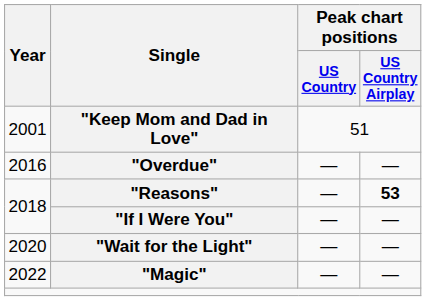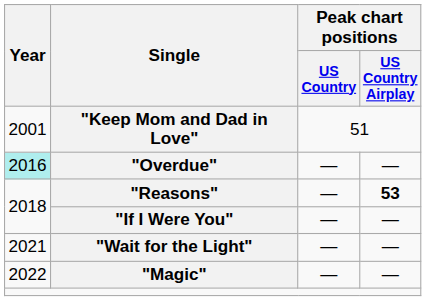 <table class="wikitable plainrowheaders" style="text-align:center;">
 <tr>
 <th rowspan="2">Year</th>
 <th rowspan="2" style="width:14em;">Single</th>
 <th colspan="2">Peak chart<br>positions</th>
 </tr>
 <tr style="font-size:smaller;">
 <th width="45"><a href='#'>US Country</a></th>
 <th width="45"><a href='#'>US Country Airplay</a></th>
 </tr>
 <tr>
 <td>2001</td>
 <th scope="row">"Keep Mom and Dad in Love"<br></th>
 <td colspan=2>51</td>
 </tr>
 <tr>
-<td>2016</td>
+<td style="background: paleturquoise;">2016</td>
 <th scope="row">"Overdue"</th>
 <td>⁠—</td>
 <td>⁠—</td>
 </tr>
 <tr>
 <td rowspan=2>2018</td>
 <th scope="row">"Reasons"</th>
 <td>⁠—</td>
 <td><strong>53</strong></td>
 </tr>
 <tr>
 <th scope="row">"If I Were You"<br></th>
 <td>⁠—</td>
 <td>⁠—</td>
 </tr>
 <tr>
-<td>2020</td>
+<td>2021</td>
 <th scope="row">"Wait for the Light"</th>
 <td>⁠—</td>
 <td>⁠—</td>
 </tr>
 <tr>
 <td>2022</td>
 <th scope="row">"Magic"</th>
 <td>⁠—</td>
 <td>⁠—</td>
 </tr>
 <tr>
 <td colspan=5></td>
 </tr>
 </table>
